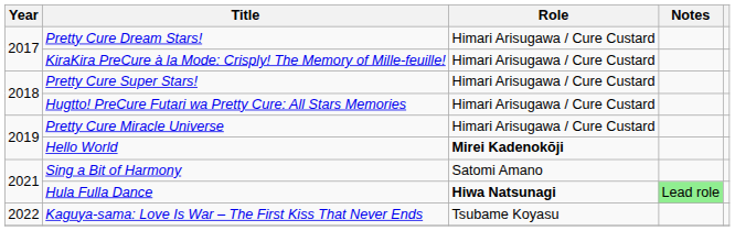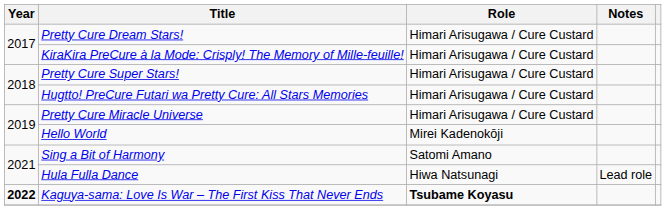 <table class="wikitable sortable">
 <tr>
 <th>Year</th>
 <th>Title</th>
 <th>Role</th>
 <th>Notes</th>
 <th class="unsortable"></th>
 </tr>
 <tr>
 <td rowspan=2>2017</td>
 <td><em><a href='#'>Pretty Cure Dream Stars!</a></em></td>
 <td>Himari Arisugawa / Cure Custard</td>
 <td></td>
 <td></td>
 </tr>
 <tr>
 <td><em><a href='#'>KiraKira PreCure à la Mode: Crisply! The Memory of Mille-feuille!</a></em></td>
 <td>Himari Arisugawa / Cure Custard</td>
 <td></td>
 <td></td>
 </tr>
 <tr>
 <td rowspan=2>2018</td>
 <td><em><a href='#'>Pretty Cure Super Stars!</a> </em></td>
 <td>Himari Arisugawa / Cure Custard</td>
 <td></td>
 <td></td>
 </tr>
 <tr>
 <td><em><a href='#'>Hugtto! PreCure Futari wa Pretty Cure: All Stars Memories</a></em></td>
 <td>Himari Arisugawa / Cure Custard</td>
 <td></td>
 <td></td>
 </tr>
 <tr>
 <td rowspan=2>2019</td>
 <td><em><a href='#'>Pretty Cure Miracle Universe</a></em></td>
 <td>Himari Arisugawa / Cure Custard</td>
 <td></td>
 <td></td>
 </tr>
 <tr>
 <td><em><a href='#'>Hello World</a></em></td>
-<td><strong>Mirei Kadenokōji</strong></td>
+<td>Mirei Kadenokōji</td>
 <td></td>
 <td></td>
 </tr>
 <tr>
 <td rowspan=2>2021</td>
 <td><em><a href='#'>Sing a Bit of Harmony</a></em></td>
 <td>Satomi Amano</td>
 <td></td>
 <td></td>
 </tr>
 <tr>
 <td><em><a href='#'>Hula Fulla Dance</a></em></td>
-<td><strong>Hiwa Natsunagi</strong></td>
-<td style="background: lightgreen;">Lead role</td>
+<td>Hiwa Natsunagi</td>
+<td>Lead role</td>
 <td></td>
 </tr>
 <tr>
-<td>2022</td>
+<td><strong>2022</strong></td>
 <td><em><a href='#'>Kaguya-sama: Love Is War – The First Kiss That Never Ends</a></em></td>
-<td>Tsubame Koyasu</td>
+<td><strong>Tsubame Koyasu</strong></td>
 <td></td>
 <td></td>
 </tr>
 <tr>
 </tr>
 </table>
